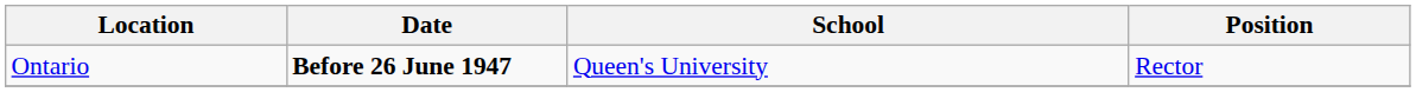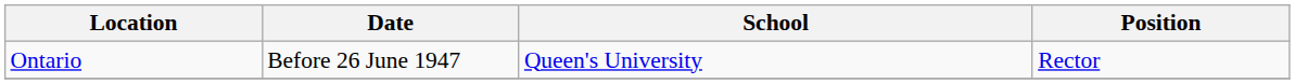 <table class="wikitable" style="width:100%;">
 <tr>
 <th style="width:20%;">Location</th>
 <th style="width:20%;">Date</th>
 <th style="width:40%;">School</th>
 <th style="width:20%;">Position</th>
 </tr>
 <tr>
 <td><a href='#'>Ontario</a></td>
-<td><strong>Before 26 June 1947</strong></td>
+<td>Before 26 June 1947</td>
 <td><a href='#'>Queen's University</a></td>
 <td><a href='#'>Rector</a></td>
 </tr>
 <tr>
 </tr>
 </table>
